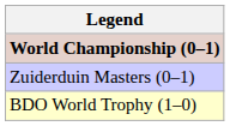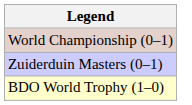 <table class="wikitable">
 <tr>
 <th>Legend</th>
 </tr>
 <tr style="background:#e5d1cb;">
-<td><strong>World Championship (0–1)</strong></td>
+<td>World Championship (0–1)</td>
 </tr>
 <tr style="background:#ccf;">
 <td>Zuiderduin Masters (0–1)</td>
 </tr>
 <tr style="background:#ffc;">
 <td>BDO World Trophy (1–0)</td>
 </tr>
 </table>
